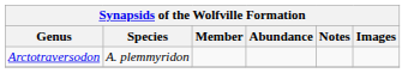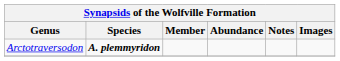 <table class="wikitable" align="center">
 <tr>
 <th colspan="7" align="center"><strong><a href='#'>Synapsids</a> of the Wolfville Formation</strong></th>
 </tr>
 <tr>
 <th>Genus</th>
 <th>Species</th>
 <th>Member</th>
 <th>Abundance</th>
 <th>Notes</th>
 <th>Images</th>
 </tr>
 <tr>
 <td><em><a href='#'>Arctotraversodon</a></em></td>
-<td><em>A. plemmyridon</em></td>
+<td><strong><em>A. plemmyridon</em></strong></td>
 <td></td>
 <td></td>
 <td></td>
 <td></td>
 </tr>
 <tr>
 </tr>
 </table>
